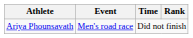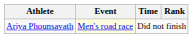 <table class="wikitable" style="font-size:90%">
 <tr>
 <th>Athlete</th>
 <th>Event</th>
 <th>Time</th>
 <th>Rank</th>
 </tr>
 <tr align=center>
 <td align=left><a href='#'>Ariya Phounsavath</a></td>
-<td align=left><a href='#'>Men's road race</a></td>
+<td align=left style="background: lightyellow;"><a href='#'>Men's road race</a></td>
 <td colspan=2>Did not finish</td>
 </tr>
 </table>
